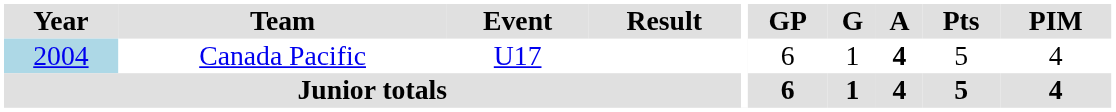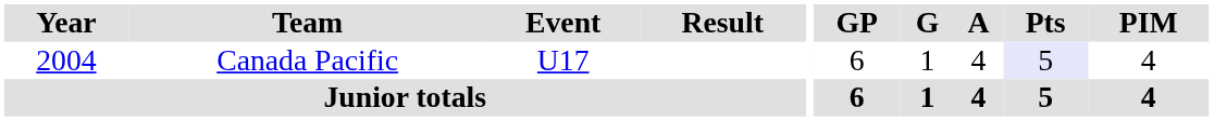 <table border="0" cellpadding="1" cellspacing="0" ID="Table3" style="text-align:center; width:40em">
 <tr ALIGN="center" bgcolor="#e0e0e0">
 <th>Year</th>
 <th>Team</th>
 <th>Event</th>
 <th>Result</th>
 <th rowspan="99" bgcolor="#ffffff"></th>
 <th>GP</th>
 <th>G</th>
 <th>A</th>
 <th>Pts</th>
 <th>PIM</th>
 </tr>
 <tr>
-<td style="background: lightblue;"><a href='#'>2004</a></td>
+<td><a href='#'>2004</a></td>
 <td><a href='#'>Canada Pacific</a></td>
 <td><a href='#'>U17</a></td>
 <td></td>
 <td>6</td>
 <td>1</td>
-<td><strong>4</strong></td>
-<td>5</td>
+<td>4</td>
+<td style="background: lavender;">5</td>
 <td>4</td>
 </tr>
 <tr bgcolor="#e0e0e0">
 <th colspan=4>Junior totals</th>
 <th>6</th>
 <th>1</th>
 <th>4</th>
 <th>5</th>
 <th>4</th>
 </tr>
 </table>
